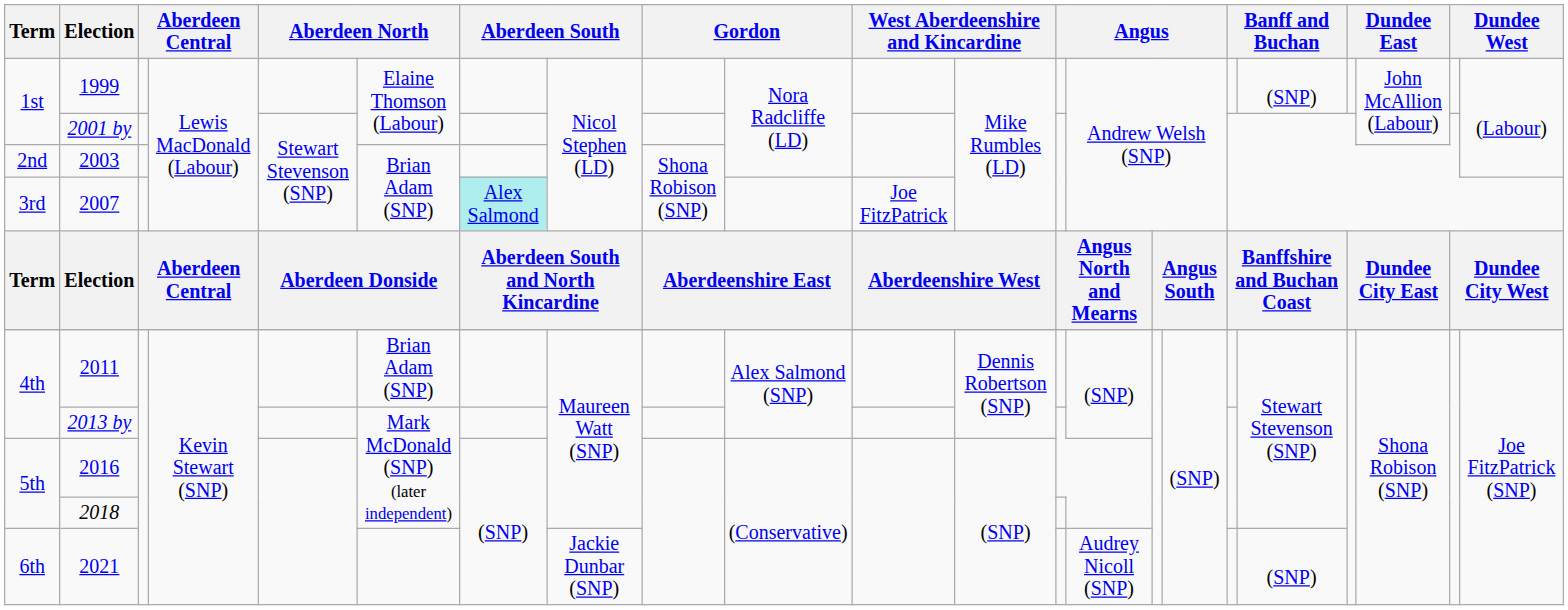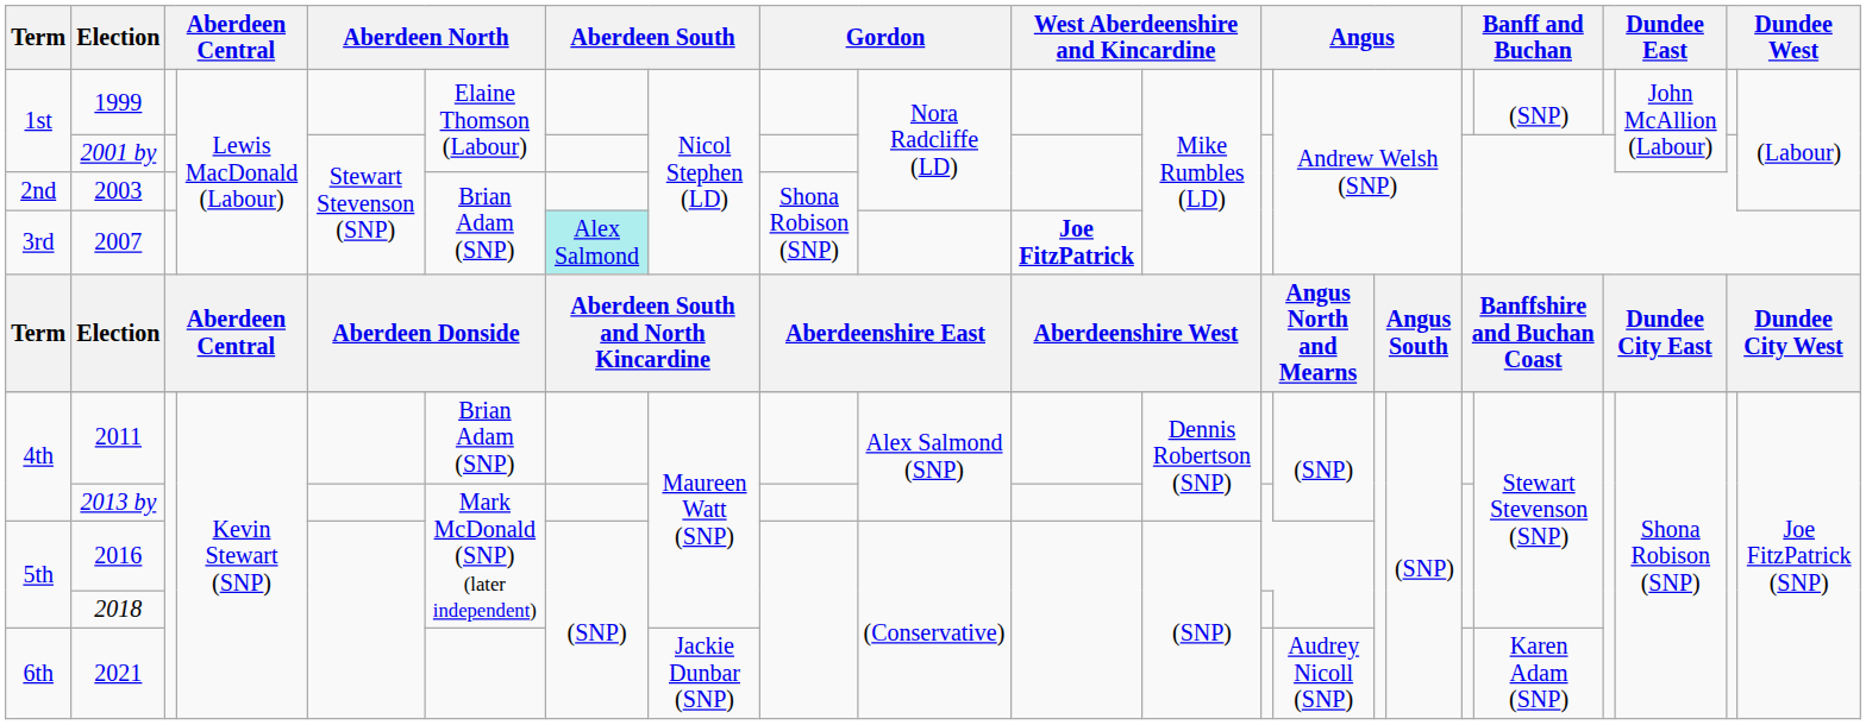 <table class="wikitable" style="text-align:center">
 <tr>
 <th>Term</th>
 <th>Election</th>
 <th colspan="2"><a href='#'>Aberdeen Central</a></th>
 <th colspan="2"><a href='#'>Aberdeen North</a></th>
 <th colspan="2"><a href='#'>Aberdeen South</a></th>
 <th colspan="2"><a href='#'>Gordon</a></th>
 <th colspan="2"><a href='#'>West Aberdeenshire and Kincardine</a></th>
 <th colspan="4"><a href='#'>Angus</a></th>
 <th colspan="2"><a href='#'>Banff and Buchan</a></th>
 <th colspan="2"><a href='#'>Dundee East</a></th>
 <th colspan="2"><a href='#'>Dundee West</a></th>
 </tr>
 <tr>
 <td rowspan="2"><a href='#'>1st</a></td>
 <td><a href='#'>1999</a></td>
 <td></td>
 <td rowspan="4"><a href='#'>Lewis MacDonald</a><br>(<a href='#'>Labour</a>)</td>
 <td></td>
 <td rowspan="2"><a href='#'>Elaine Thomson</a><br>(<a href='#'>Labour</a>)</td>
 <td></td>
 <td rowspan="4"><a href='#'>Nicol Stephen</a><br>(<a href='#'>LD</a>)</td>
 <td></td>
 <td rowspan="3"><a href='#'>Nora Radcliffe</a><br>(<a href='#'>LD</a>)</td>
 <td></td>
 <td rowspan="4"><a href='#'>Mike Rumbles</a><br>(<a href='#'>LD</a>)</td>
 <td></td>
 <td rowspan="4" colspan="3"><a href='#'>Andrew Welsh</a><br>(<a href='#'>SNP</a>)</td>
 <td style="color:inherit;background:"></td>
 <td> <br>(<a href='#'>SNP</a>)</td>
 <td></td>
 <td rowspan="2"><a href='#'>John McAllion</a><br>(<a href='#'>Labour</a>)</td>
 <td></td>
 <td rowspan="3"><br>(<a href='#'>Labour</a>)</td>
 </tr>
 <tr>
 <td><em><a href='#'>2001 by</a></em></td>
 <td></td>
 <td rowspan="3"><a href='#'>Stewart Stevenson</a><br>(<a href='#'>SNP</a>)</td>
 </tr>
 <tr>
 <td><a href='#'>2nd</a></td>
 <td><a href='#'>2003</a></td>
 <td></td>
 <td rowspan="2"><a href='#'>Brian Adam</a><br>(<a href='#'>SNP</a>)</td>
 <td></td>
 <td rowspan="2"><a href='#'>Shona Robison</a><br>(<a href='#'>SNP</a>)</td>
 </tr>
 <tr>
 <td><a href='#'>3rd</a></td>
 <td><a href='#'>2007</a></td>
 <td style="color:inherit;background:"></td>
 <td style="background: paleturquoise;"><a href='#'>Alex Salmond</a><br></td>
 <td style="color:inherit;background:"></td>
-<td><a href='#'>Joe FitzPatrick</a><br></td>
+<td><strong><a href='#'>Joe FitzPatrick</a><br></strong></td>
 </tr>
 <tr>
 <th>Term</th>
 <th>Election</th>
 <th colspan="2"><a href='#'>Aberdeen Central</a></th>
 <th colspan="2"><a href='#'>Aberdeen Donside</a></th>
 <th colspan="2"><a href='#'>Aberdeen South and North Kincardine</a></th>
 <th colspan="2"><a href='#'>Aberdeenshire East</a></th>
 <th colspan="2"><a href='#'>Aberdeenshire West</a></th>
 <th colspan="2"><a href='#'>Angus North and Mearns</a></th>
 <th colspan="2"><a href='#'>Angus South</a></th>
 <th colspan="2"><a href='#'>Banffshire and Buchan Coast</a></th>
 <th colspan="2"><a href='#'>Dundee City East</a></th>
 <th colspan="2"><a href='#'>Dundee City West</a></th>
 </tr>
 <tr>
 </tr>
 <tr>
 <td rowspan="2"><a href='#'>4th</a></td>
 <td><a href='#'>2011</a></td>
 <td rowspan="5" style="color:inherit;background:"></td>
 <td rowspan="5"><a href='#'>Kevin Stewart</a><br>(<a href='#'>SNP</a>)</td>
 <td style="color:inherit;background:"></td>
 <td rowspan="1"><a href='#'>Brian Adam</a><br>(<a href='#'>SNP</a>)</td>
 <td></td>
 <td rowspan="4"><a href='#'>Maureen Watt</a><br>(<a href='#'>SNP</a>)</td>
 <td></td>
 <td rowspan="2"><a href='#'>Alex Salmond</a><br>(<a href='#'>SNP</a>)</td>
 <td></td>
 <td rowspan="2"><a href='#'>Dennis Robertson</a><br>(<a href='#'>SNP</a>)</td>
 <td></td>
 <td rowspan="2"><br>(<a href='#'>SNP</a>)</td>
 <td rowspan="5" style="color:inherit;background:"></td>
 <td rowspan="5"> <br>(<a href='#'>SNP</a>)</td>
 <td></td>
 <td rowspan="4"><a href='#'>Stewart Stevenson</a><br>(<a href='#'>SNP</a>)</td>
 <td rowspan="5" style="color:inherit;background:"></td>
 <td rowspan="5"><a href='#'>Shona Robison</a> <br>(<a href='#'>SNP</a>)</td>
 <td rowspan="5" style="color:inherit;background:"></td>
 <td rowspan="5"><a href='#'>Joe FitzPatrick</a><br>(<a href='#'>SNP</a>)</td>
 </tr>
 <tr>
 <td><em><a href='#'>2013 by</a></em></td>
 <td></td>
 <td rowspan="3"><a href='#'>Mark McDonald</a><br>(<a href='#'>SNP</a>)<br><small>(later <a href='#'>independent</a>)</small></td>
 </tr>
 <tr>
 <td rowspan="2"><a href='#'>5th</a></td>
 <td><a href='#'>2016</a></td>
 <td rowspan="3" style="color:inherit;background:"></td>
 <td rowspan="3"><br>(<a href='#'>SNP</a>)</td>
 <td rowspan="3" style="color:inherit;background:"></td>
 <td rowspan="3"><br>(<a href='#'>Conservative</a>)</td>
 <td rowspan="3" style="color:inherit;background:"></td>
 <td rowspan="3"><br>(<a href='#'>SNP</a>)</td>
 </tr>
 <tr>
 <td><em>2018</em></td>
 <td style="color:inherit;background:"></td>
 </tr>
 <tr>
 <td><a href='#'>6th</a></td>
 <td><a href='#'>2021</a></td>
 <td style="color:inherit;background:"></td>
 <td><a href='#'>Jackie Dunbar</a> (<a href='#'>SNP</a>)</td>
 <td style="color:inherit;background:"></td>
 <td><a href='#'>Audrey Nicoll</a> (<a href='#'>SNP</a>)</td>
 <td style="color:inherit;background:"></td>
-<td> <br>(<a href='#'>SNP</a>)</td>
+<td><a href='#'>Karen Adam</a> (<a href='#'>SNP</a>)</td>
 </tr>
 </table>
